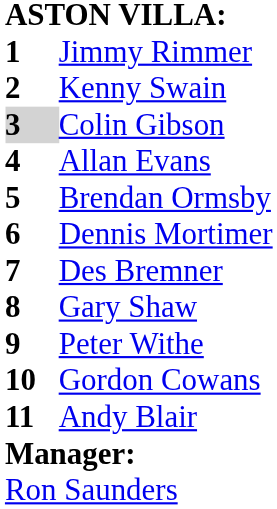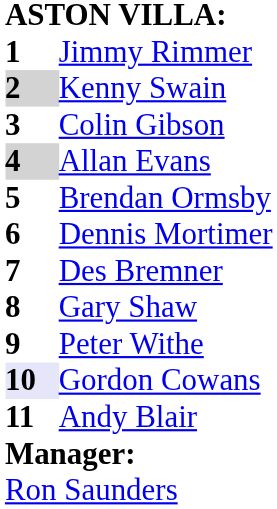 <table style="font-size: 90%" cellspacing="0" cellpadding="0" align=center>
 <tr>
 <td colspan="4"><strong>ASTON VILLA:</strong></td>
 </tr>
 <tr>
 <th width="25"></th>
 </tr>
 <tr>
 <td><strong>1</strong></td>
 <td> <a href='#'>Jimmy Rimmer</a></td>
 </tr>
 <tr>
-<td><strong>2</strong></td>
+<td style="background: lightgrey;"><strong>2</strong></td>
 <td> <a href='#'>Kenny Swain</a></td>
 </tr>
 <tr>
-<td style="background: lightgrey;"><strong>3</strong></td>
+<td><strong>3</strong></td>
 <td> <a href='#'>Colin Gibson</a></td>
 </tr>
 <tr>
-<td><strong>4</strong></td>
+<td style="background: lightgrey;"><strong>4</strong></td>
 <td> <a href='#'>Allan Evans</a></td>
 </tr>
 <tr>
 <td><strong>5</strong></td>
 <td> <a href='#'>Brendan Ormsby</a></td>
 </tr>
 <tr>
 <td><strong>6</strong></td>
 <td> <a href='#'>Dennis Mortimer</a></td>
 </tr>
 <tr>
 <td><strong>7</strong></td>
 <td> <a href='#'>Des Bremner</a></td>
 </tr>
 <tr>
 <td><strong>8</strong></td>
 <td> <a href='#'>Gary Shaw</a></td>
 </tr>
 <tr>
 <td><strong>9</strong></td>
 <td> <a href='#'>Peter Withe</a></td>
 </tr>
 <tr>
-<td><strong>10</strong></td>
+<td style="background: lavender;"><strong>10</strong></td>
 <td> <a href='#'>Gordon Cowans</a></td>
 </tr>
 <tr>
 <td><strong>11</strong></td>
 <td> <a href='#'>Andy Blair</a></td>
 </tr>
 <tr>
 <td colspan=4><strong>Manager:</strong></td>
 </tr>
 <tr>
 <td colspan="4"> <a href='#'>Ron Saunders</a></td>
 </tr>
 </table>
